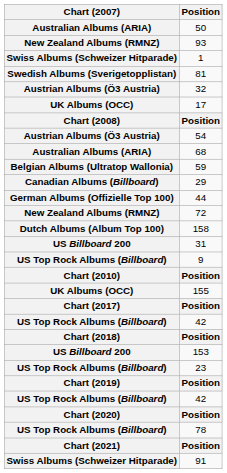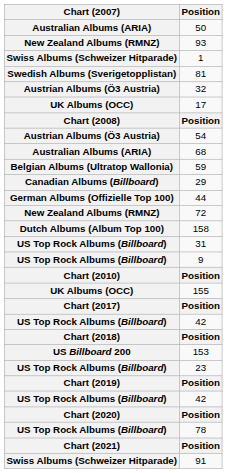 <table class="wikitable plainrowheaders" style="text-align:center">
 <tr>
 <th scope="col">Chart (2007)</th>
 <th scope="col">Position</th>
 </tr>
 <tr>
 <th scope="row">Australian Albums (ARIA)</th>
 <td>50</td>
 </tr>
 <tr>
 <th scope="row">New Zealand Albums (RMNZ)</th>
 <td>93</td>
 </tr>
 <tr>
 <th scope="row">Swiss Albums (Schweizer Hitparade)</th>
 <td>1</td>
 </tr>
 <tr>
 <th scope="row">Swedish Albums (Sverigetopplistan)</th>
 <td>81</td>
 </tr>
 <tr>
 <th scope="row">Austrian Albums (Ö3 Austria)</th>
 <td>32</td>
 </tr>
 <tr>
 <th scope="row">UK Albums (OCC)</th>
 <td>17</td>
 </tr>
 <tr>
 <th scope="col">Chart (2008)</th>
 <th scope="col">Position</th>
 </tr>
 <tr>
 <th scope="row">Austrian Albums (Ö3 Austria)</th>
 <td>54</td>
 </tr>
 <tr>
 <th scope="row">Australian Albums (ARIA)</th>
 <td>68</td>
 </tr>
 <tr>
 <th scope="row">Belgian Albums (Ultratop Wallonia)</th>
 <td>59</td>
 </tr>
 <tr>
 <th scope="row">Canadian Albums (<em>Billboard</em>)</th>
 <td>29</td>
 </tr>
 <tr>
 <th scope="row">German Albums (Offizielle Top 100)</th>
 <td>44</td>
 </tr>
 <tr>
 <th scope="row">New Zealand Albums (RMNZ)</th>
 <td>72</td>
 </tr>
 <tr>
 <th scope="row">Dutch Albums (Album Top 100)</th>
 <td>158</td>
 </tr>
 <tr>
-<th scope="row">US <em>Billboard</em> 200</th>
+<th scope="row">US Top Rock Albums (<em>Billboard</em>)</th>
 <td>31</td>
 </tr>
 <tr>
 <th scope="row">US Top Rock Albums (<em>Billboard</em>)</th>
 <td>9</td>
 </tr>
 <tr>
 <th scope="col">Chart (2010)</th>
 <th scope="col">Position</th>
 </tr>
 <tr>
 <th scope="row">UK Albums (OCC)</th>
 <td>155</td>
 </tr>
 <tr>
 <th scope="col">Chart (2017)</th>
 <th scope="col">Position</th>
 </tr>
 <tr>
 <th scope="row">US Top Rock Albums (<em>Billboard</em>)</th>
 <td>42</td>
 </tr>
 <tr>
 <th scope="col">Chart (2018)</th>
 <th scope="col">Position</th>
 </tr>
 <tr>
 <th scope="row">US <em>Billboard</em> 200</th>
 <td>153</td>
 </tr>
 <tr>
 <th scope="row">US Top Rock Albums (<em>Billboard</em>)</th>
 <td>23</td>
 </tr>
 <tr>
 <th scope="col">Chart (2019)</th>
 <th scope="col">Position</th>
 </tr>
 <tr>
 <th scope="row">US Top Rock Albums (<em>Billboard</em>)</th>
 <td>42</td>
 </tr>
 <tr>
 <th scope="col">Chart (2020)</th>
 <th scope="col">Position</th>
 </tr>
 <tr>
 <th scope="row">US Top Rock Albums (<em>Billboard</em>)</th>
 <td>78</td>
 </tr>
 <tr>
 <th scope="col">Chart (2021)</th>
 <th scope="col">Position</th>
 </tr>
 <tr>
 <th scope="row">Swiss Albums (Schweizer Hitparade)</th>
 <td>91</td>
 </tr>
 </table>
